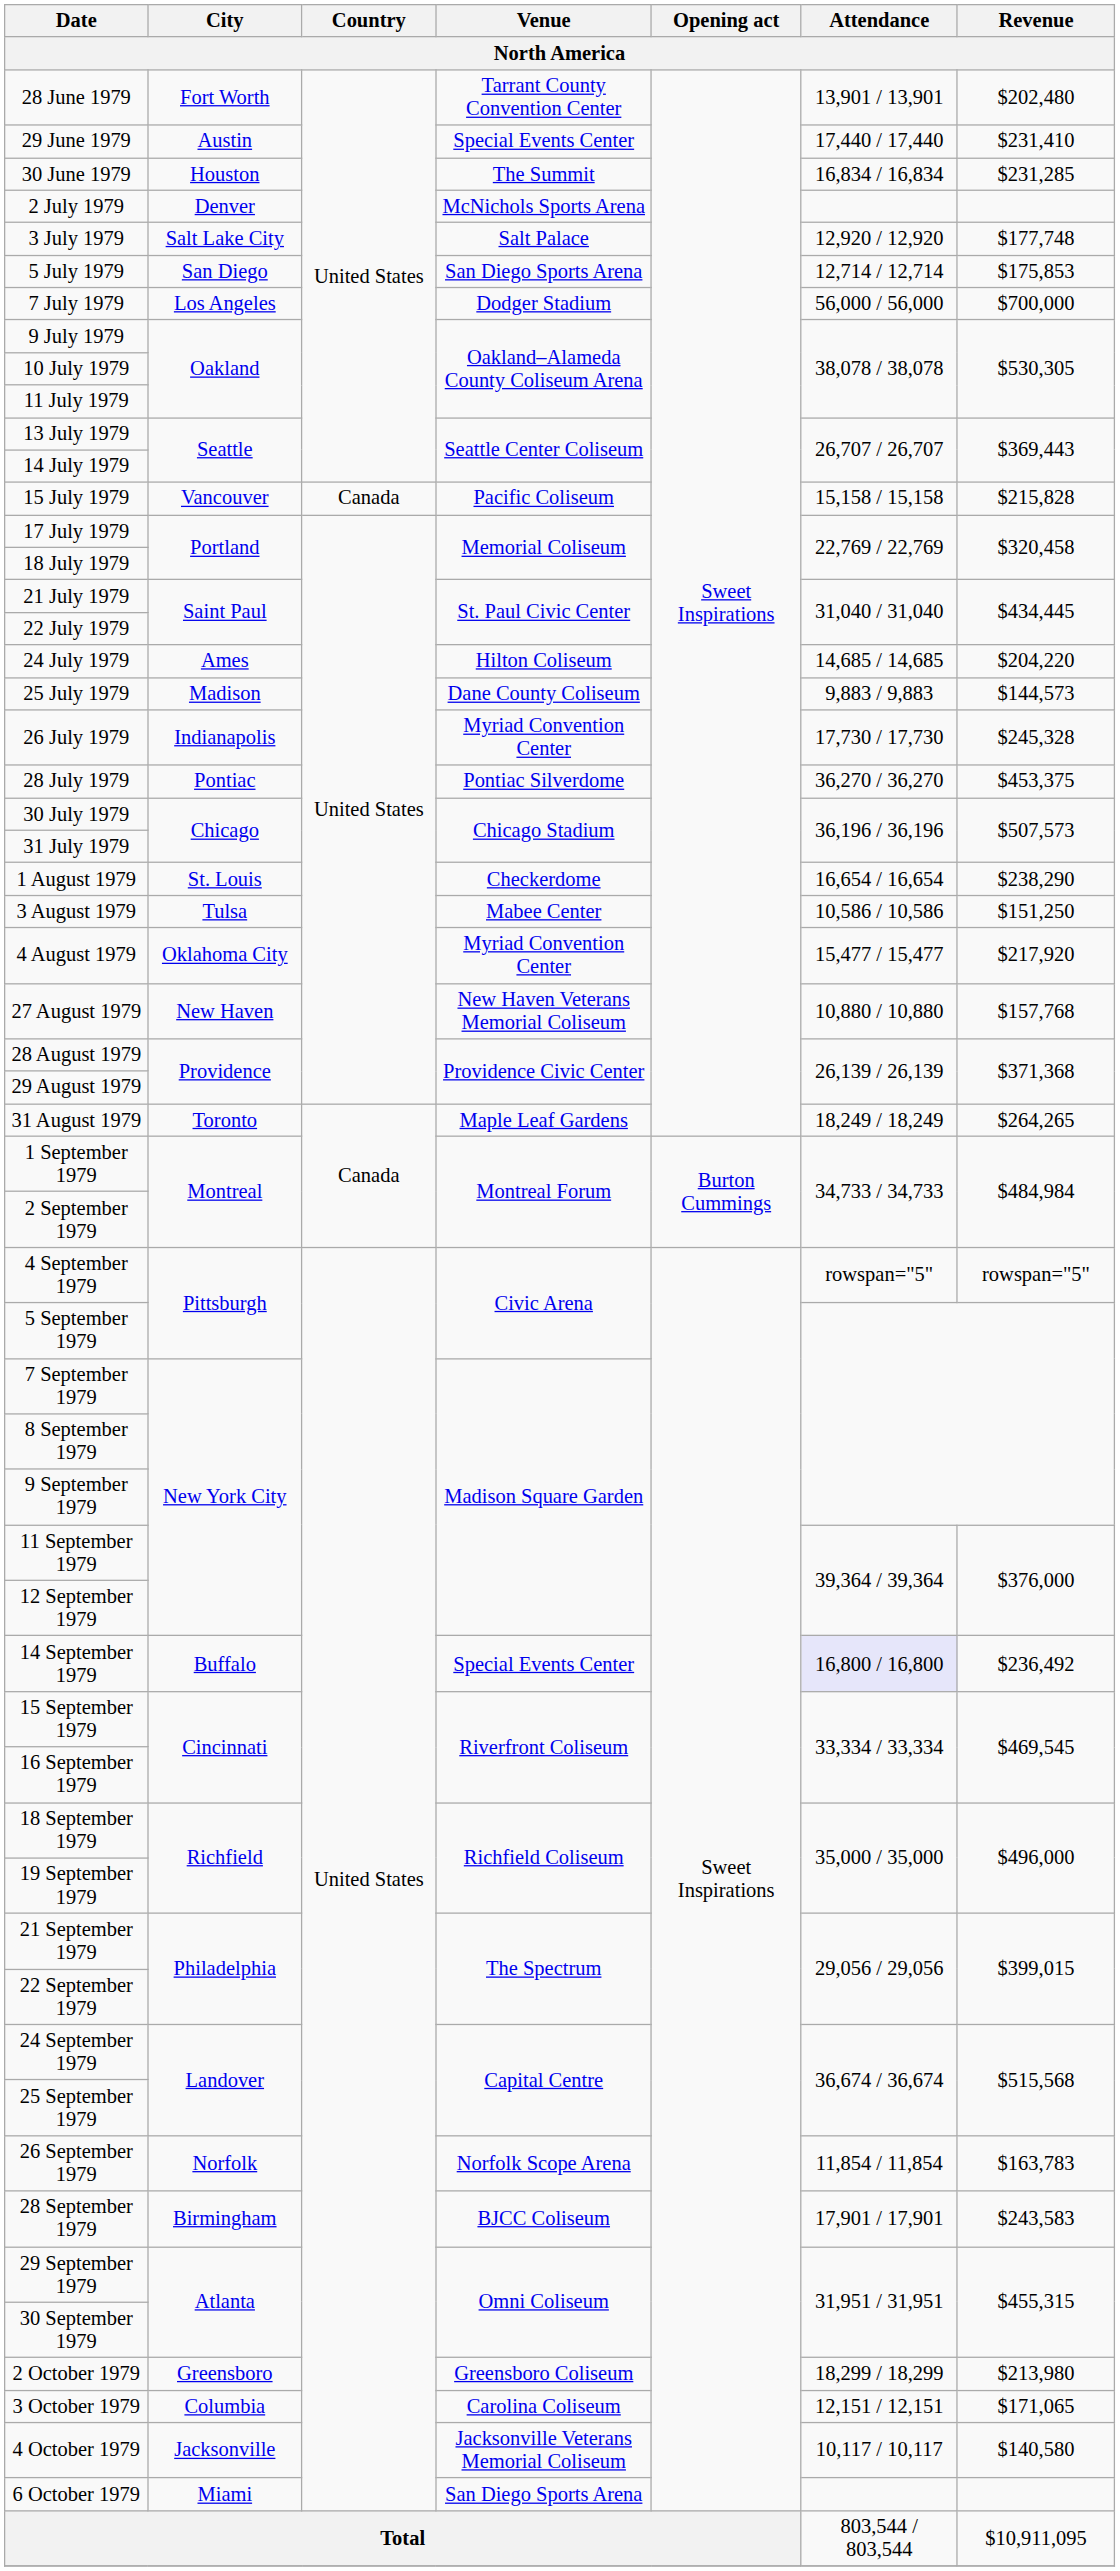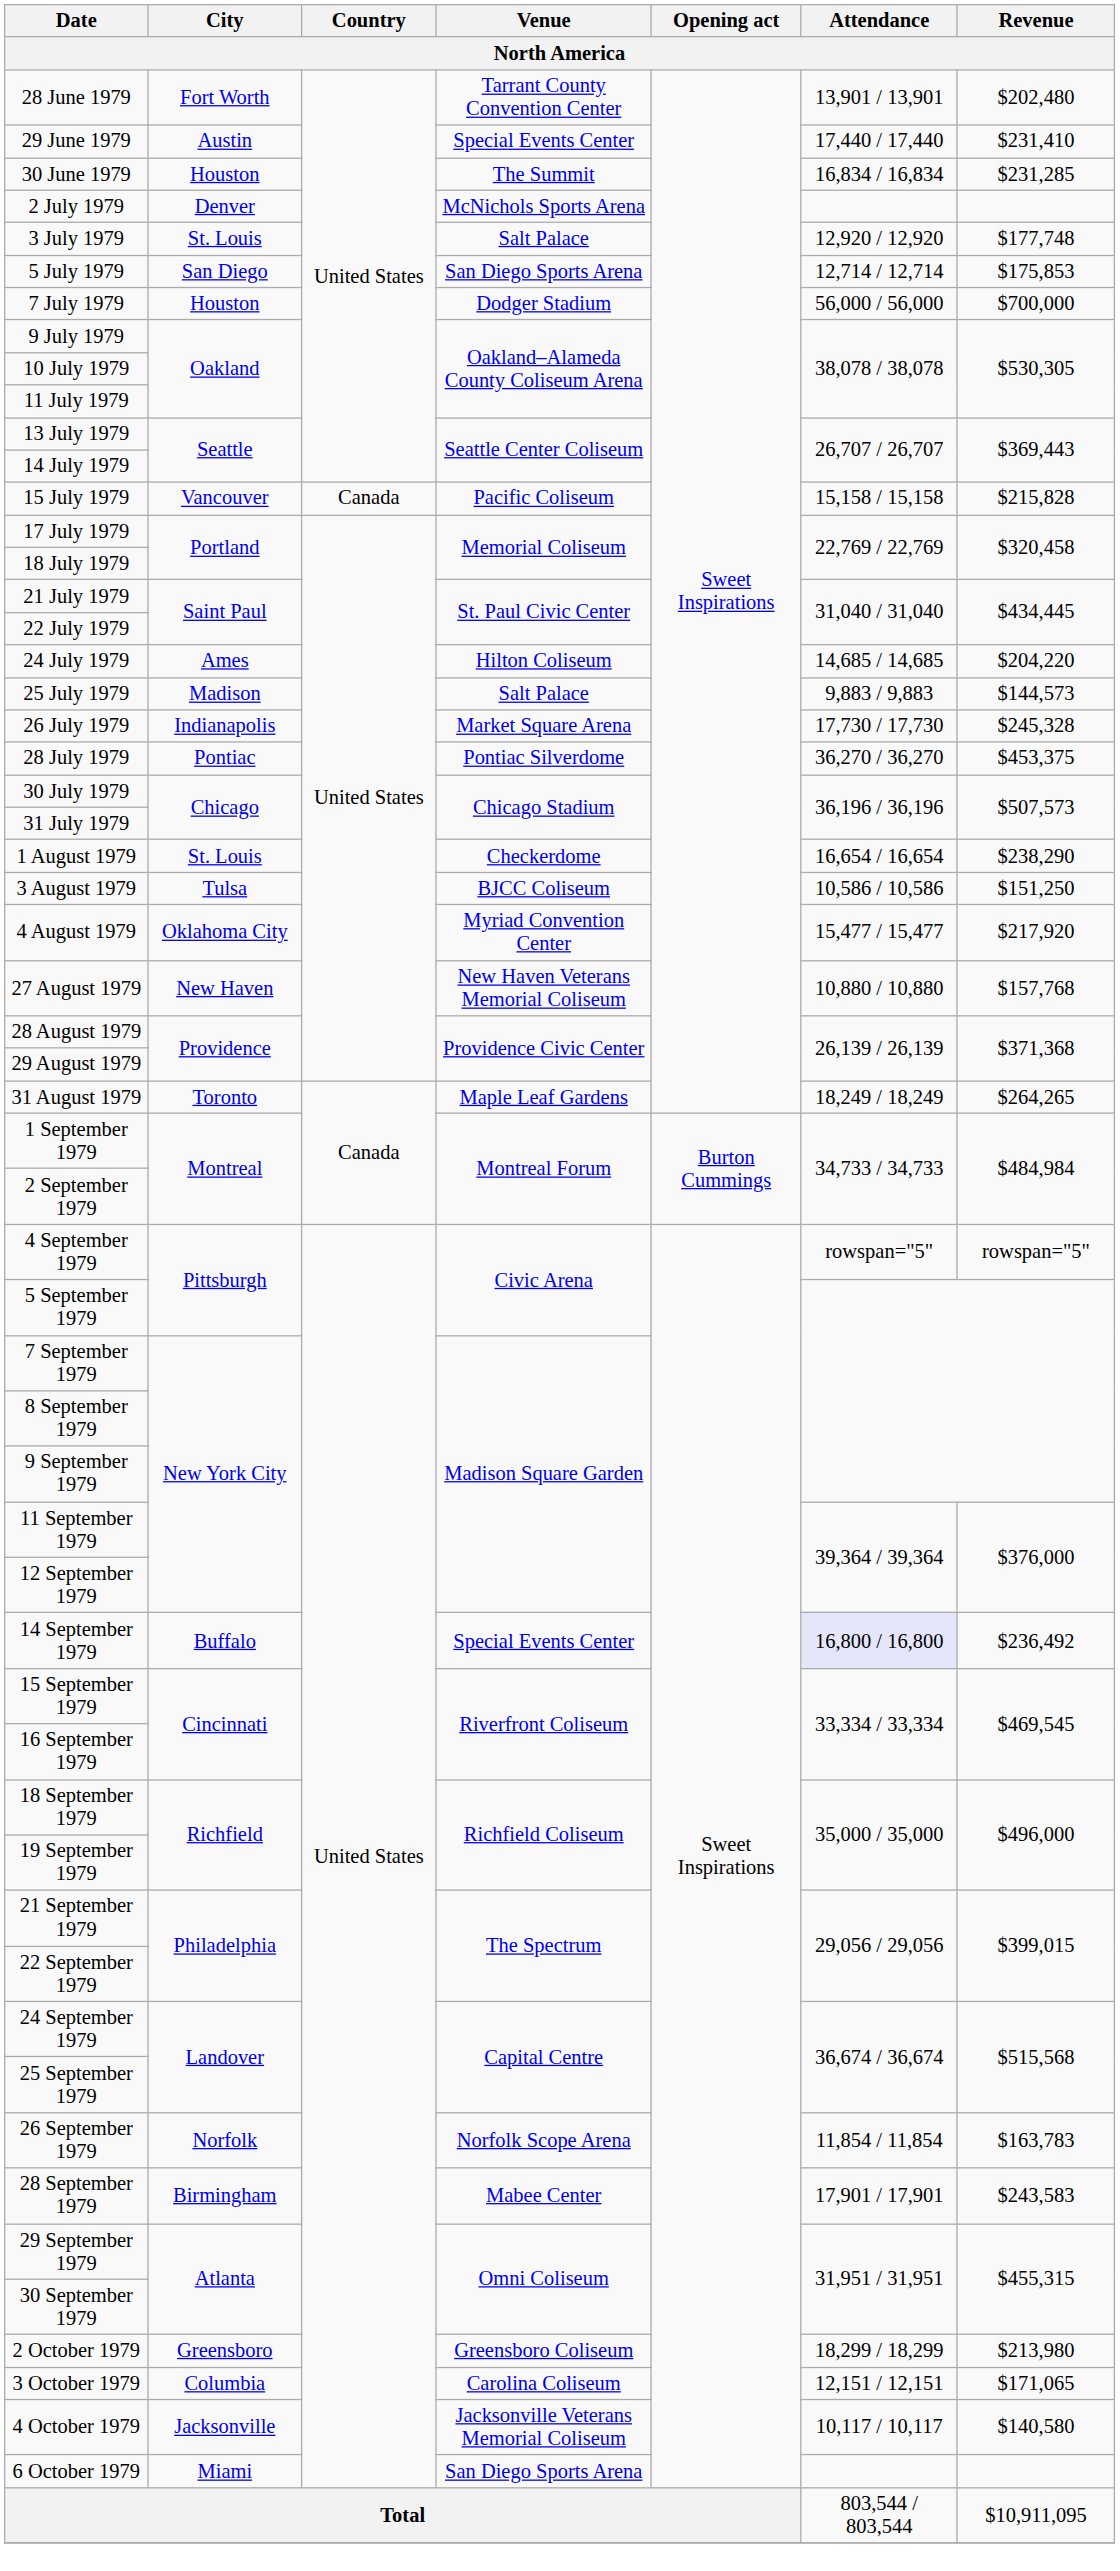 <table class="wikitable" style="text-align:center;">
 <tr>
 <th scope="col" style="width:11em;">Date</th>
 <th scope="col" style="width:11em;">City</th>
 <th scope="col" style="width:11em;">Country</th>
 <th scope="col" style="width:19em;">Venue</th>
 <th scope="col" style="width:11em;">Opening act</th>
 <th scope="col" style="width:11em;">Attendance</th>
 <th scope="col" style="width:11em;">Revenue</th>
 </tr>
 <tr>
 <th colspan="7">North America</th>
 </tr>
 <tr>
 <td>28 June 1979</td>
 <td><a href='#'>Fort Worth</a></td>
 <td rowspan="12">United States</td>
 <td><a href='#'>Tarrant County Convention Center</a></td>
 <td rowspan="30"><a href='#'>Sweet Inspirations</a></td>
 <td>13,901 / 13,901</td>
 <td>$202,480</td>
 </tr>
 <tr>
 <td>29 June 1979</td>
 <td><a href='#'>Austin</a></td>
 <td><a href='#'>Special Events Center</a></td>
 <td>17,440 / 17,440</td>
 <td>$231,410</td>
 </tr>
 <tr>
 <td>30 June 1979</td>
 <td><a href='#'>Houston</a></td>
 <td><a href='#'>The Summit</a></td>
 <td>16,834 / 16,834</td>
 <td>$231,285</td>
 </tr>
 <tr>
 <td>2 July 1979</td>
 <td><a href='#'>Denver</a></td>
 <td><a href='#'>McNichols Sports Arena</a></td>
 <td></td>
 <td></td>
 </tr>
 <tr>
 <td>3 July 1979</td>
-<td><a href='#'>Salt Lake City</a></td>
+<td><a href='#'>St. Louis</a></td>
 <td><a href='#'>Salt Palace</a></td>
 <td>12,920 / 12,920</td>
 <td>$177,748</td>
 </tr>
 <tr>
 <td>5 July 1979</td>
 <td><a href='#'>San Diego</a></td>
 <td><a href='#'>San Diego Sports Arena</a></td>
 <td>12,714 / 12,714</td>
 <td>$175,853</td>
 </tr>
 <tr>
 <td>7 July 1979</td>
-<td><a href='#'>Los Angeles</a></td>
+<td><a href='#'>Houston</a></td>
 <td><a href='#'>Dodger Stadium</a></td>
 <td>56,000 / 56,000</td>
 <td>$700,000</td>
 </tr>
 <tr>
 <td>9 July 1979</td>
 <td rowspan="3"><a href='#'>Oakland</a></td>
 <td rowspan="3"><a href='#'>Oakland–Alameda County Coliseum Arena</a></td>
 <td rowspan="3">38,078 / 38,078</td>
 <td rowspan="3">$530,305</td>
 </tr>
 <tr>
 <td>10 July 1979</td>
 </tr>
 <tr>
 <td>11 July 1979</td>
 </tr>
 <tr>
 <td>13 July 1979</td>
 <td rowspan="2"><a href='#'>Seattle</a></td>
 <td rowspan="2"><a href='#'>Seattle Center Coliseum</a></td>
 <td rowspan="2">26,707 / 26,707</td>
 <td rowspan="2">$369,443</td>
 </tr>
 <tr>
 <td>14 July 1979</td>
 </tr>
 <tr>
 <td>15 July 1979</td>
 <td><a href='#'>Vancouver</a></td>
 <td>Canada</td>
 <td><a href='#'>Pacific Coliseum</a></td>
 <td>15,158 / 15,158</td>
 <td>$215,828</td>
 </tr>
 <tr>
 <td>17 July 1979</td>
 <td rowspan="2"><a href='#'>Portland</a></td>
 <td rowspan="16">United States</td>
 <td rowspan="2"><a href='#'>Memorial Coliseum</a></td>
 <td rowspan="2">22,769 / 22,769</td>
 <td rowspan="2">$320,458</td>
 </tr>
 <tr>
 <td>18 July 1979</td>
 </tr>
 <tr>
 <td>21 July 1979</td>
 <td rowspan="2"><a href='#'>Saint Paul</a></td>
 <td rowspan="2"><a href='#'>St. Paul Civic Center</a></td>
 <td rowspan="2">31,040 / 31,040</td>
 <td rowspan="2">$434,445</td>
 </tr>
 <tr>
 <td>22 July 1979</td>
 </tr>
 <tr>
 <td>24 July 1979</td>
 <td><a href='#'>Ames</a></td>
 <td><a href='#'>Hilton Coliseum</a></td>
 <td>14,685 / 14,685</td>
 <td>$204,220</td>
 </tr>
 <tr>
 <td>25 July 1979</td>
 <td><a href='#'>Madison</a></td>
-<td><a href='#'>Dane County Coliseum</a></td>
+<td><a href='#'>Salt Palace</a></td>
 <td>9,883 / 9,883</td>
 <td>$144,573</td>
 </tr>
 <tr>
 <td>26 July 1979</td>
 <td><a href='#'>Indianapolis</a></td>
-<td><a href='#'>Myriad Convention Center</a></td>
+<td><a href='#'>Market Square Arena</a></td>
 <td>17,730 / 17,730</td>
 <td>$245,328</td>
 </tr>
 <tr>
 <td>28 July 1979</td>
 <td><a href='#'>Pontiac</a></td>
 <td><a href='#'>Pontiac Silverdome</a></td>
 <td>36,270 / 36,270</td>
 <td>$453,375</td>
 </tr>
 <tr>
 <td>30 July 1979</td>
 <td rowspan="2"><a href='#'>Chicago</a></td>
 <td rowspan="2"><a href='#'>Chicago Stadium</a></td>
 <td rowspan="2">36,196 / 36,196</td>
 <td rowspan="2">$507,573</td>
 </tr>
 <tr>
 <td>31 July 1979</td>
 </tr>
 <tr>
 <td>1 August 1979</td>
 <td><a href='#'>St. Louis</a></td>
 <td><a href='#'>Checkerdome</a></td>
 <td>16,654 / 16,654</td>
 <td>$238,290</td>
 </tr>
 <tr>
 <td>3 August 1979</td>
 <td><a href='#'>Tulsa</a></td>
-<td><a href='#'>Mabee Center</a></td>
+<td><a href='#'>BJCC Coliseum</a></td>
 <td>10,586 / 10,586</td>
 <td>$151,250</td>
 </tr>
 <tr>
 <td>4 August 1979</td>
 <td><a href='#'>Oklahoma City</a></td>
 <td><a href='#'>Myriad Convention Center</a></td>
 <td>15,477 / 15,477</td>
 <td>$217,920</td>
 </tr>
 <tr>
 <td>27 August 1979</td>
 <td><a href='#'>New Haven</a></td>
 <td><a href='#'>New Haven Veterans Memorial Coliseum</a></td>
 <td>10,880 / 10,880</td>
 <td>$157,768</td>
 </tr>
 <tr>
 <td>28 August 1979</td>
 <td rowspan="2"><a href='#'>Providence</a></td>
 <td rowspan="2"><a href='#'>Providence Civic Center</a></td>
 <td rowspan="2">26,139 / 26,139</td>
 <td rowspan="2">$371,368</td>
 </tr>
 <tr>
 <td>29 August 1979</td>
 </tr>
 <tr>
 <td>31 August 1979</td>
 <td><a href='#'>Toronto</a></td>
 <td rowspan="3">Canada</td>
 <td><a href='#'>Maple Leaf Gardens</a></td>
 <td>18,249 / 18,249</td>
 <td>$264,265</td>
 </tr>
 <tr>
 <td>1 September 1979</td>
 <td rowspan="2"><a href='#'>Montreal</a></td>
 <td rowspan="2"><a href='#'>Montreal Forum</a></td>
 <td rowspan="2"><a href='#'>Burton Cummings</a></td>
 <td rowspan="2">34,733 / 34,733</td>
 <td rowspan="2">$484,984</td>
 </tr>
 <tr>
 <td>2 September 1979</td>
 </tr>
 <tr>
 <td>4 September 1979</td>
 <td rowspan="2"><a href='#'>Pittsburgh</a></td>
 <td rowspan="24">United States</td>
 <td rowspan="2"><a href='#'>Civic Arena</a></td>
 <td rowspan="24">Sweet Inspirations</td>
 <td>rowspan="5" </td>
 <td>rowspan="5" </td>
 </tr>
 <tr>
 <td>5 September 1979</td>
 </tr>
 <tr>
 <td>7 September 1979</td>
 <td rowspan="5"><a href='#'>New York City</a></td>
 <td rowspan="5"><a href='#'>Madison Square Garden</a></td>
 </tr>
 <tr>
 <td>8 September 1979</td>
 </tr>
 <tr>
 <td>9 September 1979</td>
 </tr>
 <tr>
 <td>11 September 1979</td>
 <td rowspan="2">39,364 / 39,364</td>
 <td rowspan="2">$376,000</td>
 </tr>
 <tr>
 <td>12 September 1979</td>
 </tr>
 <tr>
 <td>14 September 1979</td>
 <td><a href='#'>Buffalo</a></td>
 <td><a href='#'>Special Events Center</a></td>
 <td style="background: lavender;">16,800 / 16,800</td>
 <td>$236,492</td>
 </tr>
 <tr>
 <td>15 September 1979</td>
 <td rowspan="2"><a href='#'>Cincinnati</a></td>
 <td rowspan="2"><a href='#'>Riverfront Coliseum</a></td>
 <td rowspan="2">33,334 / 33,334</td>
 <td rowspan="2">$469,545</td>
 </tr>
 <tr>
 <td>16 September 1979</td>
 </tr>
 <tr>
 <td>18 September 1979</td>
 <td rowspan="2"><a href='#'>Richfield</a></td>
 <td rowspan="2"><a href='#'>Richfield Coliseum</a></td>
 <td rowspan="2">35,000 / 35,000</td>
 <td rowspan="2">$496,000</td>
 </tr>
 <tr>
 <td>19 September 1979</td>
 </tr>
 <tr>
 <td>21 September 1979</td>
 <td rowspan="2"><a href='#'>Philadelphia</a></td>
 <td rowspan="2"><a href='#'>The Spectrum</a></td>
 <td rowspan="2">29,056 / 29,056</td>
 <td rowspan="2">$399,015</td>
 </tr>
 <tr>
 <td>22 September 1979</td>
 </tr>
 <tr>
 <td>24 September 1979</td>
 <td rowspan="2"><a href='#'>Landover</a></td>
 <td rowspan="2"><a href='#'>Capital Centre</a></td>
 <td rowspan="2">36,674 / 36,674</td>
 <td rowspan="2">$515,568</td>
 </tr>
 <tr>
 <td>25 September 1979</td>
 </tr>
 <tr>
 <td>26 September 1979</td>
 <td><a href='#'>Norfolk</a></td>
 <td><a href='#'>Norfolk Scope Arena</a></td>
 <td>11,854 / 11,854</td>
 <td>$163,783</td>
 </tr>
 <tr>
 <td>28 September 1979</td>
 <td><a href='#'>Birmingham</a></td>
-<td><a href='#'>BJCC Coliseum</a></td>
+<td><a href='#'>Mabee Center</a></td>
 <td>17,901 / 17,901</td>
 <td>$243,583</td>
 </tr>
 <tr>
 <td>29 September 1979</td>
 <td rowspan="2"><a href='#'>Atlanta</a></td>
 <td rowspan="2"><a href='#'>Omni Coliseum</a></td>
 <td rowspan="2">31,951 / 31,951</td>
 <td rowspan="2">$455,315</td>
 </tr>
 <tr>
 <td>30 September 1979</td>
 </tr>
 <tr>
 <td>2 October 1979</td>
 <td><a href='#'>Greensboro</a></td>
 <td><a href='#'>Greensboro Coliseum</a></td>
 <td>18,299 / 18,299</td>
 <td>$213,980</td>
 </tr>
 <tr>
 <td>3 October 1979</td>
 <td><a href='#'>Columbia</a></td>
 <td><a href='#'>Carolina Coliseum</a></td>
 <td>12,151 / 12,151</td>
 <td>$171,065</td>
 </tr>
 <tr>
 <td>4 October 1979</td>
 <td><a href='#'>Jacksonville</a></td>
 <td><a href='#'>Jacksonville Veterans Memorial Coliseum</a></td>
 <td>10,117 / 10,117</td>
 <td>$140,580</td>
 </tr>
 <tr>
 <td>6 October 1979</td>
 <td><a href='#'>Miami</a></td>
 <td><a href='#'>San Diego Sports Arena</a></td>
 <td></td>
 <td></td>
 </tr>
 <tr>
 <th colspan="5">Total</th>
 <td>803,544 / 803,544</td>
 <td>$10,911,095</td>
 </tr>
 <tr>
 </tr>
 </table>
